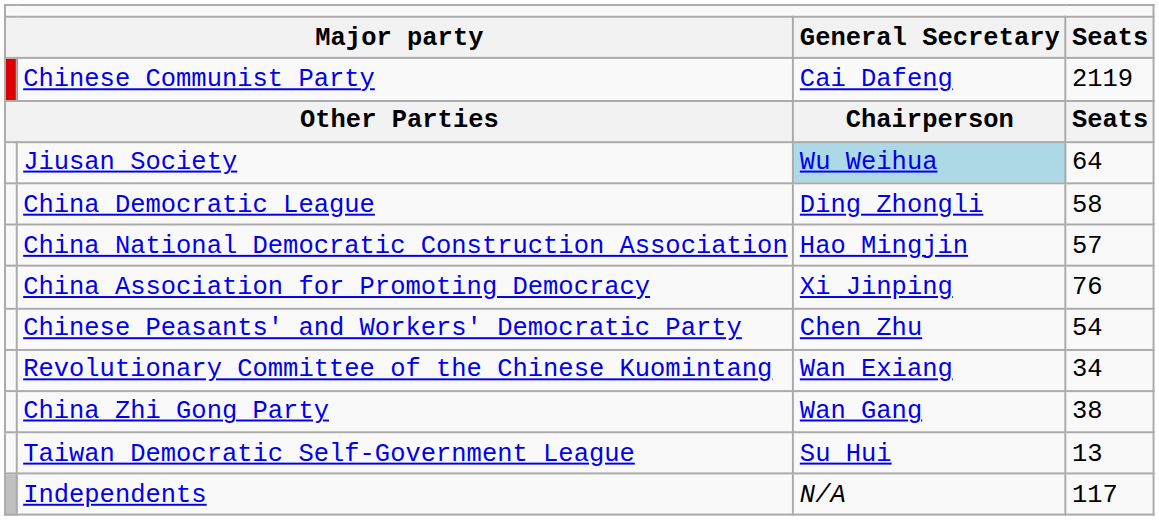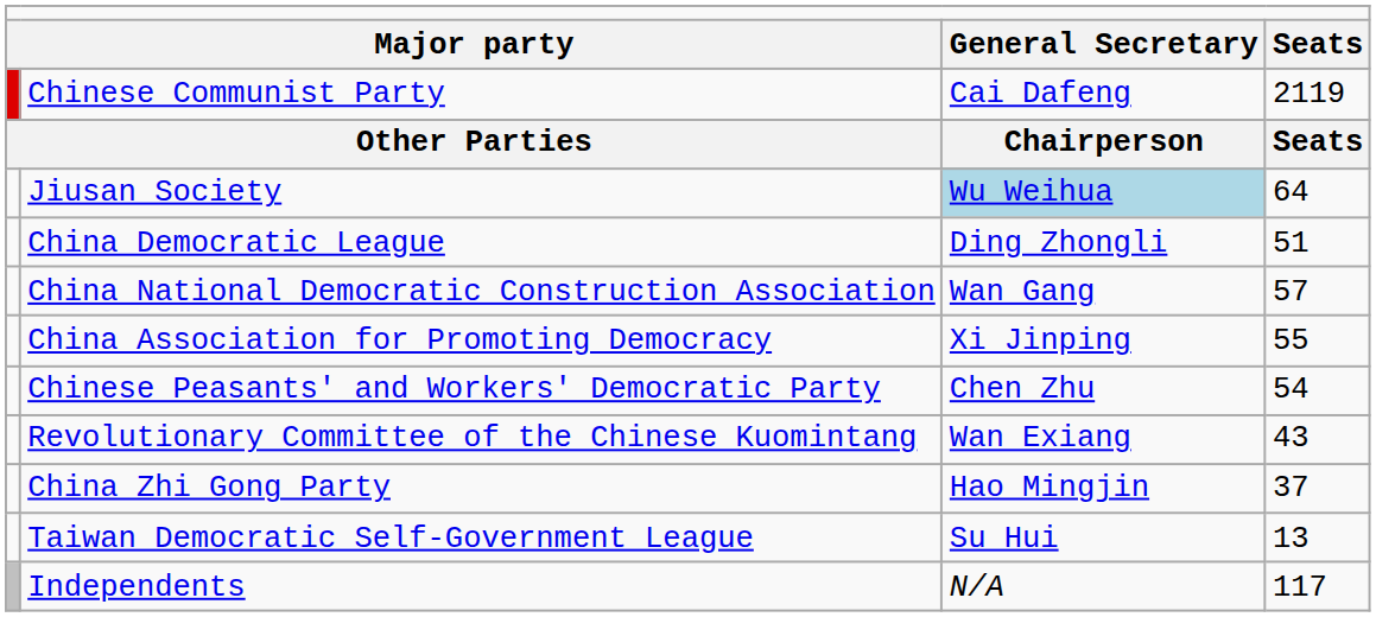 <table class="wikitable">
 <tr>
 <td colspan=7></td>
 </tr>
 <tr>
 <th colspan="2">Major party</th>
 <th>General Secretary</th>
 <th>Seats</th>
 </tr>
 <tr>
 <td style="background: #DD0000"></td>
 <td><a href='#'>Chinese Communist Party</a></td>
 <td><a href='#'>Cai Dafeng</a></td>
 <td>2119</td>
 </tr>
 <tr>
 <th colspan="2">Other Parties</th>
 <th>Chairperson</th>
 <th>Seats</th>
 </tr>
 <tr>
 <td style="background: "></td>
 <td><a href='#'>Jiusan Society</a></td>
 <td style="background: lightblue;"><a href='#'>Wu Weihua</a></td>
 <td>64</td>
 </tr>
 <tr>
 <td style="background: "></td>
 <td><a href='#'>China Democratic League</a></td>
 <td><a href='#'>Ding Zhongli</a></td>
-<td>58</td>
+<td>51</td>
 </tr>
 <tr>
 <td style="background: "></td>
 <td><a href='#'>China National Democratic Construction Association</a></td>
-<td><a href='#'>Hao Mingjin</a></td>
+<td><a href='#'>Wan Gang</a></td>
 <td>57</td>
 </tr>
 <tr>
 <td style="background: "></td>
 <td><a href='#'>China Association for Promoting Democracy</a></td>
 <td><a href='#'>Xi Jinping</a></td>
-<td>76</td>
+<td>55</td>
 </tr>
 <tr>
 <td style="background: "></td>
 <td><a href='#'>Chinese Peasants' and Workers' Democratic Party</a></td>
 <td><a href='#'>Chen Zhu</a></td>
 <td>54</td>
 </tr>
 <tr>
 <td style="background: "></td>
 <td><a href='#'>Revolutionary Committee of the Chinese Kuomintang</a></td>
 <td><a href='#'>Wan Exiang</a></td>
-<td>34</td>
+<td>43</td>
 </tr>
 <tr>
 <td style="background: "></td>
 <td><a href='#'>China Zhi Gong Party</a></td>
-<td><a href='#'>Wan Gang</a></td>
-<td>38</td>
+<td><a href='#'>Hao Mingjin</a></td>
+<td>37</td>
 </tr>
 <tr>
 <td style="background: "></td>
 <td><a href='#'>Taiwan Democratic Self-Government League</a></td>
 <td><a href='#'>Su Hui</a></td>
 <td>13</td>
 </tr>
 <tr>
 <td style="background: #C0C0C0"></td>
 <td><a href='#'>Independents</a></td>
 <td><em>N/A</em></td>
 <td>117</td>
 </tr>
 </table>
